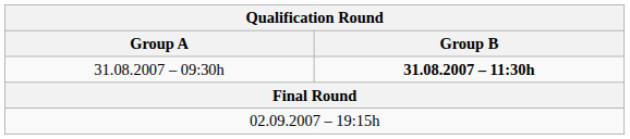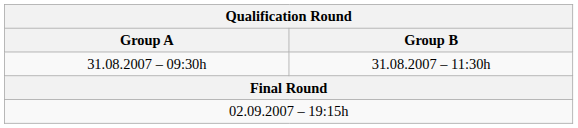 <table class="wikitable" style=" text-align:center; font-size:110%;" width="35%">
 <tr>
 <th colspan="2">Qualification Round</th>
 </tr>
 <tr>
 <th>Group A</th>
 <th>Group B</th>
 </tr>
 <tr>
 <td>31.08.2007 – 09:30h</td>
-<td><strong>31.08.2007 – 11:30h</strong></td>
+<td>31.08.2007 – 11:30h</td>
 </tr>
 <tr>
 <th colspan="2">Final Round</th>
 </tr>
 <tr>
 <td colspan="2">02.09.2007 – 19:15h</td>
 </tr>
 </table>
